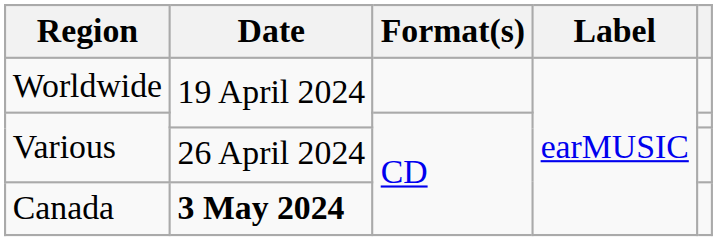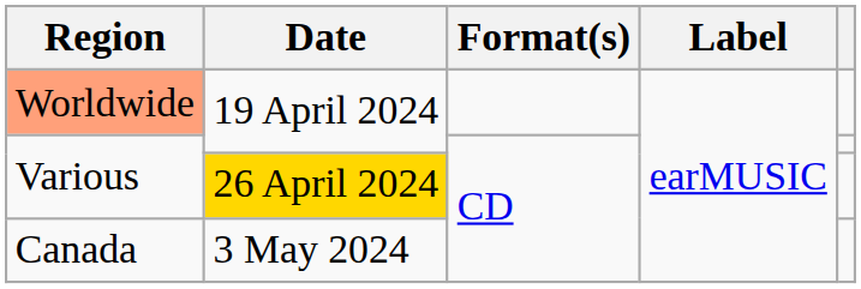 <table class="wikitable plainrowheaders">
 <tr>
 <th scope="col">Region</th>
 <th scope="col">Date</th>
 <th scope="col">Format(s)</th>
 <th scope="col">Label</th>
 <th scope="col"></th>
 </tr>
 <tr>
-<td>Worldwide</td>
+<td style="background: lightsalmon;">Worldwide</td>
 <td rowspan="2">19 April 2024</td>
 <td></td>
 <td rowspan="4"><a href='#'>earMUSIC</a></td>
 <td style="text-align:center;"></td>
 </tr>
 <tr>
 <td rowspan="2">Various</td>
 <td rowspan="3"><a href='#'>CD</a></td>
 <td style="text-align:center;"></td>
 </tr>
 <tr>
-<td>26 April 2024</td>
+<td style="background: gold;">26 April 2024</td>
 <td style="text-align:center;"></td>
 </tr>
 <tr>
 <td>Canada</td>
-<td><strong>3 May 2024</strong></td>
+<td>3 May 2024</td>
 <td style="text-align:center;"></td>
 </tr>
 </table>
